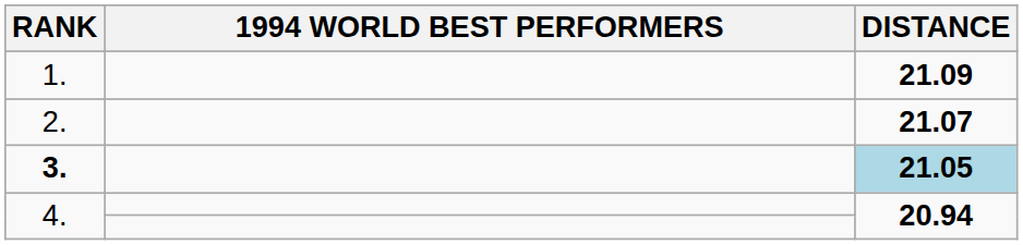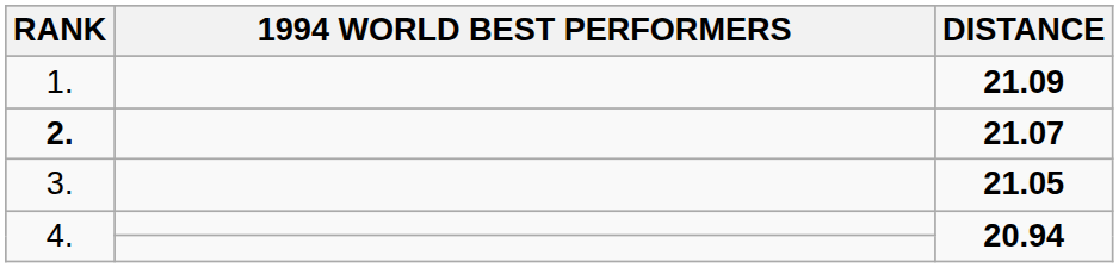 <table class=wikitable>
 <tr>
 <th>RANK</th>
 <th align="center" style="width: 25em">1994 WORLD BEST PERFORMERS</th>
 <th align="center" style="width: 5em">DISTANCE</th>
 </tr>
 <tr>
 <td align="center">1.</td>
 <td></td>
 <td align="center"><strong>21.09</strong></td>
 </tr>
 <tr>
-<td align="center">2.</td>
+<td align="center"><strong>2.</strong></td>
 <td></td>
 <td align="center"><strong>21.07</strong></td>
 </tr>
 <tr>
-<td align="center"><strong>3.</strong></td>
+<td align="center">3.</td>
 <td></td>
-<td align="center" style="background: lightblue;"><strong>21.05</strong></td>
+<td align="center"><strong>21.05</strong></td>
 </tr>
 <tr>
 <td rowspan=2 align="center">4.</td>
 <td></td>
 <td rowspan=2 align="center"><strong>20.94</strong></td>
 </tr>
 <tr>
 <td></td>
 </tr>
 </table>
